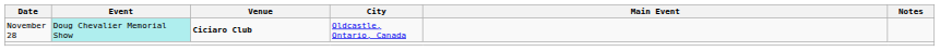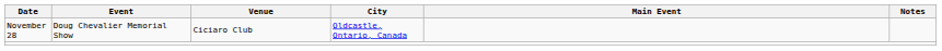 <table class="sortable wikitable succession-box" style="font-size:85%;">
 <tr>
 <th scope="col" style="width:5%;">Date</th>
 <th scope="col" style="width:15%;">Event</th>
 <th scope="col" style="width:15%;">Venue</th>
 <th scope="col" style="width:10%;">City</th>
 <th scope="col" style="width:50%;">Main Event</th>
 <th scope="col" style="width:70%;">Notes</th>
 </tr>
 <tr>
 <td>November 28</td>
-<td style="background: paleturquoise;">Doug Chevalier Memorial Show</td>
-<td><strong>Ciciaro Club</strong></td>
+<td>Doug Chevalier Memorial Show</td>
+<td>Ciciaro Club</td>
 <td><a href='#'>Oldcastle, Ontario, Canada</a></td>
 <td></td>
 <td></td>
 </tr>
 <tr>
 <td colspan="6"></td>
 </tr>
 </table>
